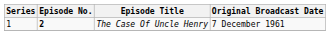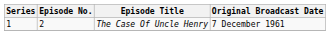 <table class="wikitable">
 <tr>
 <th>Series</th>
 <th>Episode No.</th>
 <th>Episode Title</th>
 <th>Original Broadcast Date</th>
 </tr>
 <tr>
 <td rowspan="1">1</td>
-<td><strong>2</strong></td>
+<td>2</td>
 <td><em>The Case Of Uncle Henry</em></td>
 <td>7 December 1961</td>
 </tr>
 <tr>
 </tr>
 </table>
